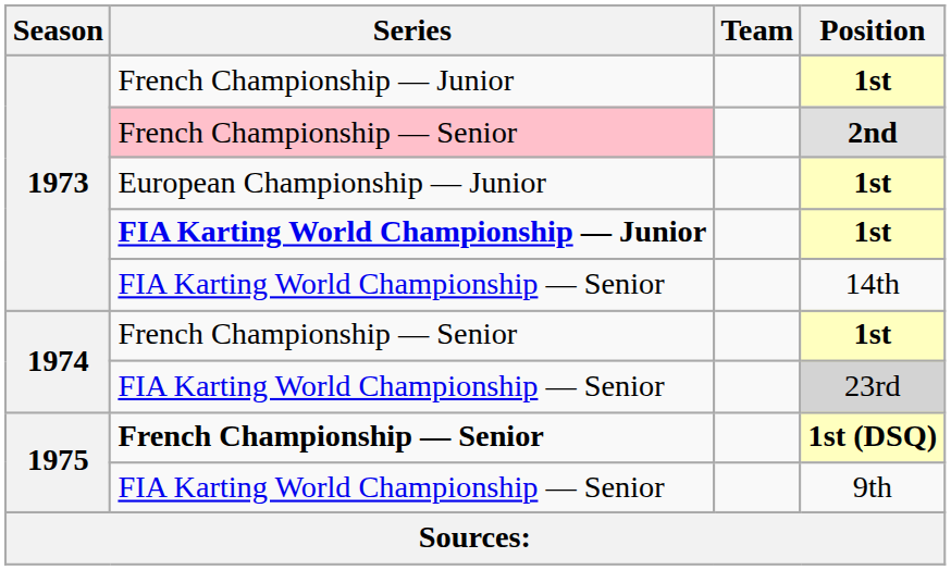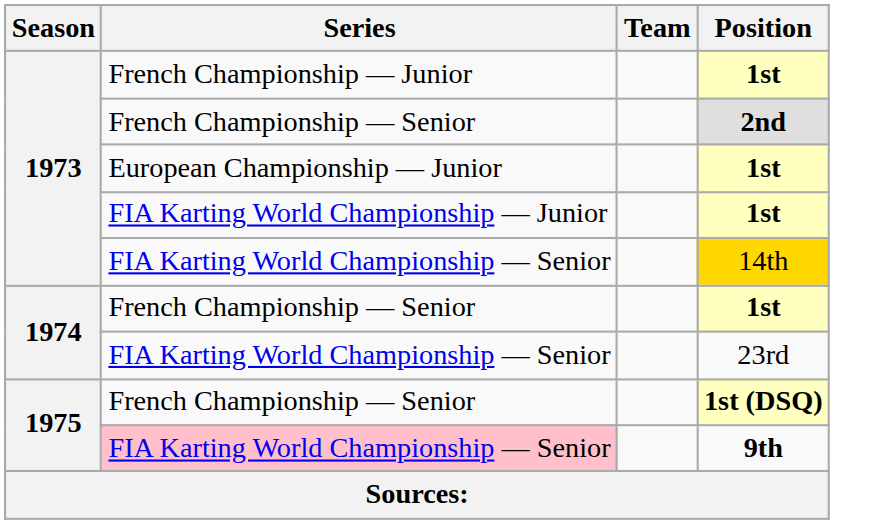 <table class="wikitable" style="font-size: 85%; text-align:center">
 <tr>
 <th>Season</th>
 <th>Series</th>
 <th>Team</th>
 <th>Position</th>
 </tr>
 <tr>
 <th rowspan="5">1973</th>
 <td align="left">French Championship — Junior</td>
 <td align="left"></td>
 <td style="background:#FFFFBF;"><strong>1st</strong></td>
 </tr>
 <tr>
-<td align="left" style="background: pink;">French Championship — Senior</td>
+<td align="left">French Championship — Senior</td>
 <td align="left"></td>
 <td style="background:#DFDFDF;"><strong>2nd</strong></td>
 </tr>
 <tr>
 <td align="left">European Championship — Junior</td>
 <td align="left"></td>
 <td style="background:#FFFFBF;"><strong>1st</strong></td>
 </tr>
 <tr>
-<td align="left"><strong><a href='#'>FIA Karting World Championship</a> — Junior</strong></td>
+<td align="left"><a href='#'>FIA Karting World Championship</a> — Junior</td>
 <td align="left"></td>
 <td style="background:#FFFFBF;"><strong>1st</strong></td>
 </tr>
 <tr>
 <td align="left"><a href='#'>FIA Karting World Championship</a> — Senior</td>
 <td align="left"></td>
-<td>14th</td>
+<td style="background: gold;">14th</td>
 </tr>
 <tr>
 <th rowspan="2">1974</th>
 <td align="left">French Championship — Senior</td>
 <td align="left"></td>
 <td style="background:#FFFFBF;"><strong>1st</strong></td>
 </tr>
 <tr>
 <td align="left"><a href='#'>FIA Karting World Championship</a> — Senior</td>
 <td align="left"></td>
-<td style="background: lightgrey;">23rd</td>
+<td>23rd</td>
 </tr>
 <tr>
 <th rowspan="2">1975</th>
-<td align="left"><strong>French Championship — Senior</strong></td>
+<td align="left">French Championship — Senior</td>
 <td align="left"></td>
 <td style="background:#FFFFBF;"><strong>1st (DSQ)</strong></td>
 </tr>
 <tr>
-<td align="left"><a href='#'>FIA Karting World Championship</a> — Senior</td>
+<td align="left" style="background: pink;"><a href='#'>FIA Karting World Championship</a> — Senior</td>
 <td align="left"></td>
-<td>9th</td>
+<td><strong>9th</strong></td>
 </tr>
 <tr>
 <th colspan="4">Sources:</th>
 </tr>
 </table>
